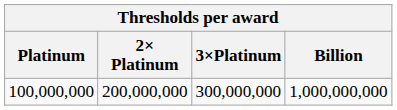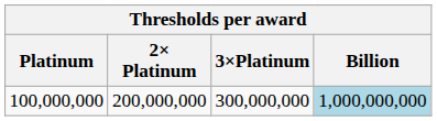 <table class=wikitable>
 <tr>
 <th colspan="4">Thresholds per award</th>
 </tr>
 <tr>
 <th>Platinum</th>
 <th>2× Platinum</th>
 <th>3×Platinum</th>
 <th>Billion</th>
 </tr>
 <tr>
 <td align="center" width="80">100,000,000</td>
 <td align="center" width="80">200,000,000</td>
 <td align="center" width="80">300,000,000</td>
-<td align="center" width="80">1,000,000,000</td>
+<td align="center" width="80" style="background: lightblue;">1,000,000,000</td>
 </tr>
 </table>
